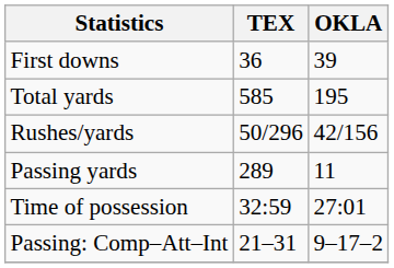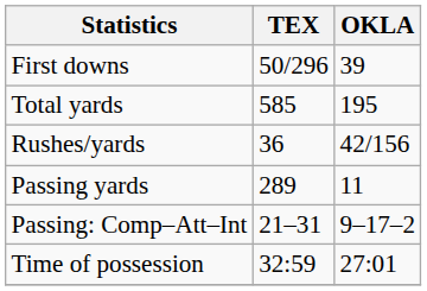 <table class="wikitable" style="float: left;">
 <tr>
 <th>Statistics</th>
 <th>TEX</th>
 <th>OKLA</th>
 </tr>
 <tr>
 <td>First downs</td>
-<td>36</td>
+<td>50/296</td>
 <td>39</td>
 </tr>
 <tr>
 <td>Total yards</td>
 <td>585</td>
 <td>195</td>
 </tr>
 <tr>
 <td>Rushes/yards</td>
-<td>50/296</td>
+<td>36</td>
 <td>42/156</td>
 </tr>
 <tr>
 <td>Passing yards</td>
 <td>289</td>
 <td>11</td>
 </tr>
 <tr>
+<td>Passing: Comp–Att–Int</td>
+<td>21–31</td>
+<td>9–17–2</td>
+</tr>
+<tr>
 <td>Time of possession</td>
 <td>32:59</td>
 <td>27:01</td>
 </tr>
 <tr>
-<td>Passing: Comp–Att–Int</td>
-<td>21–31</td>
-<td>9–17–2</td>
-</tr>
-<tr>
 </tr>
 </table>
